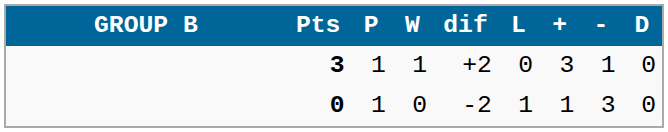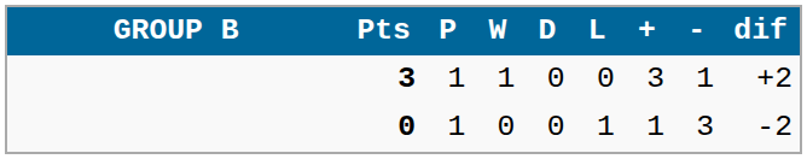 <table align=center cellpadding="3" cellspacing="0" style="background: #f9f9f9; border: 1px #aaa solid; border-collapse: collapse; font-size: 95%;" width=330>
 <tr bgcolor=#006699 style="color:white;">
 <th width=34%>GROUP B</th>
 <th width=5%>Pts</th>
 <th width=5%>P</th>
 <th width=5%>W</th>
-<th width=5%>dif</th>
+<th width=5%>D</th>
 <th width=5%>L</th>
 <th width=5%>+</th>
 <th width=5%>-</th>
-<th width=5%>D</th>
+<th width=5%>dif</th>
 </tr>
 <tr align=right>
 <td align=left></td>
 <td><strong>3</strong></td>
 <td>1</td>
 <td>1</td>
-<td>+2</td>
+<td>0</td>
 <td>0</td>
 <td>3</td>
 <td>1</td>
-<td>0</td>
+<td>+2</td>
 </tr>
 <tr align=right>
 <td align=left></td>
 <td><strong>0</strong></td>
 <td>1</td>
 <td>0</td>
-<td>-2</td>
+<td>0</td>
 <td>1</td>
 <td>1</td>
 <td>3</td>
-<td>0</td>
+<td>-2</td>
 </tr>
 </table>
